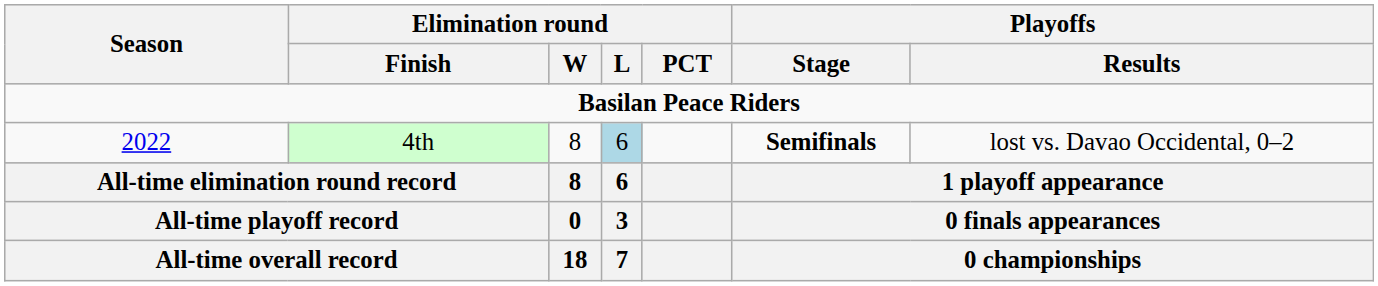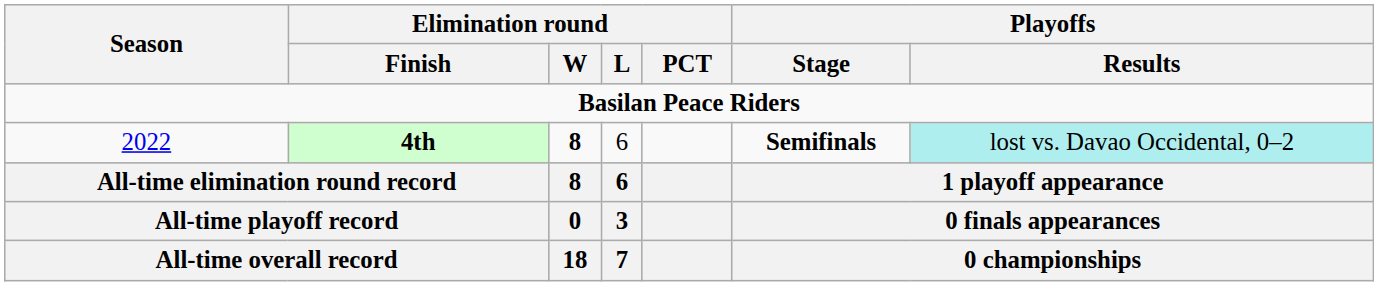 <table class=wikitable style="width:100%; text-align:center">
 <tr>
 <th rowspan=2>Season</th>
 <th colspan=4>Elimination round</th>
 <th colspan=2>Playoffs</th>
 </tr>
 <tr>
 <th>Finish</th>
 <th>W</th>
 <th>L</th>
 <th>PCT</th>
 <th>Stage</th>
 <th>Results</th>
 </tr>
 <tr>
 <td colspan=10><span><strong>Basilan Peace Riders</strong></span></td>
 </tr>
 <tr>
 <td><a href='#'>2022</a> <br> </td>
-<td bgcolor="#CFFFCF">4th</td>
-<td>8</td>
-<td style="background: lightblue;">6</td>
+<td bgcolor="#CFFFCF"><strong>4th</strong></td>
+<td><strong>8</strong></td>
+<td>6</td>
 <td></td>
 <td><strong>Semifinals <br> </strong></td>
-<td>lost vs. Davao Occidental, 0–2 <br> </td>
+<td style="background: paleturquoise;">lost vs. Davao Occidental, 0–2 <br> </td>
 </tr>
 <tr>
 <th colspan=2>All-time elimination round record</th>
 <th>8</th>
 <th>6</th>
 <th></th>
 <th colspan=2>1 playoff appearance</th>
 </tr>
 <tr>
 <th colspan=2>All-time playoff record</th>
 <th>0</th>
 <th>3</th>
 <th></th>
 <th colspan=2>0 finals appearances</th>
 </tr>
 <tr>
 <th colspan=2>All-time overall record</th>
 <th>18</th>
 <th>7</th>
 <th></th>
 <th colspan=2>0 championships</th>
 </tr>
 </table>
